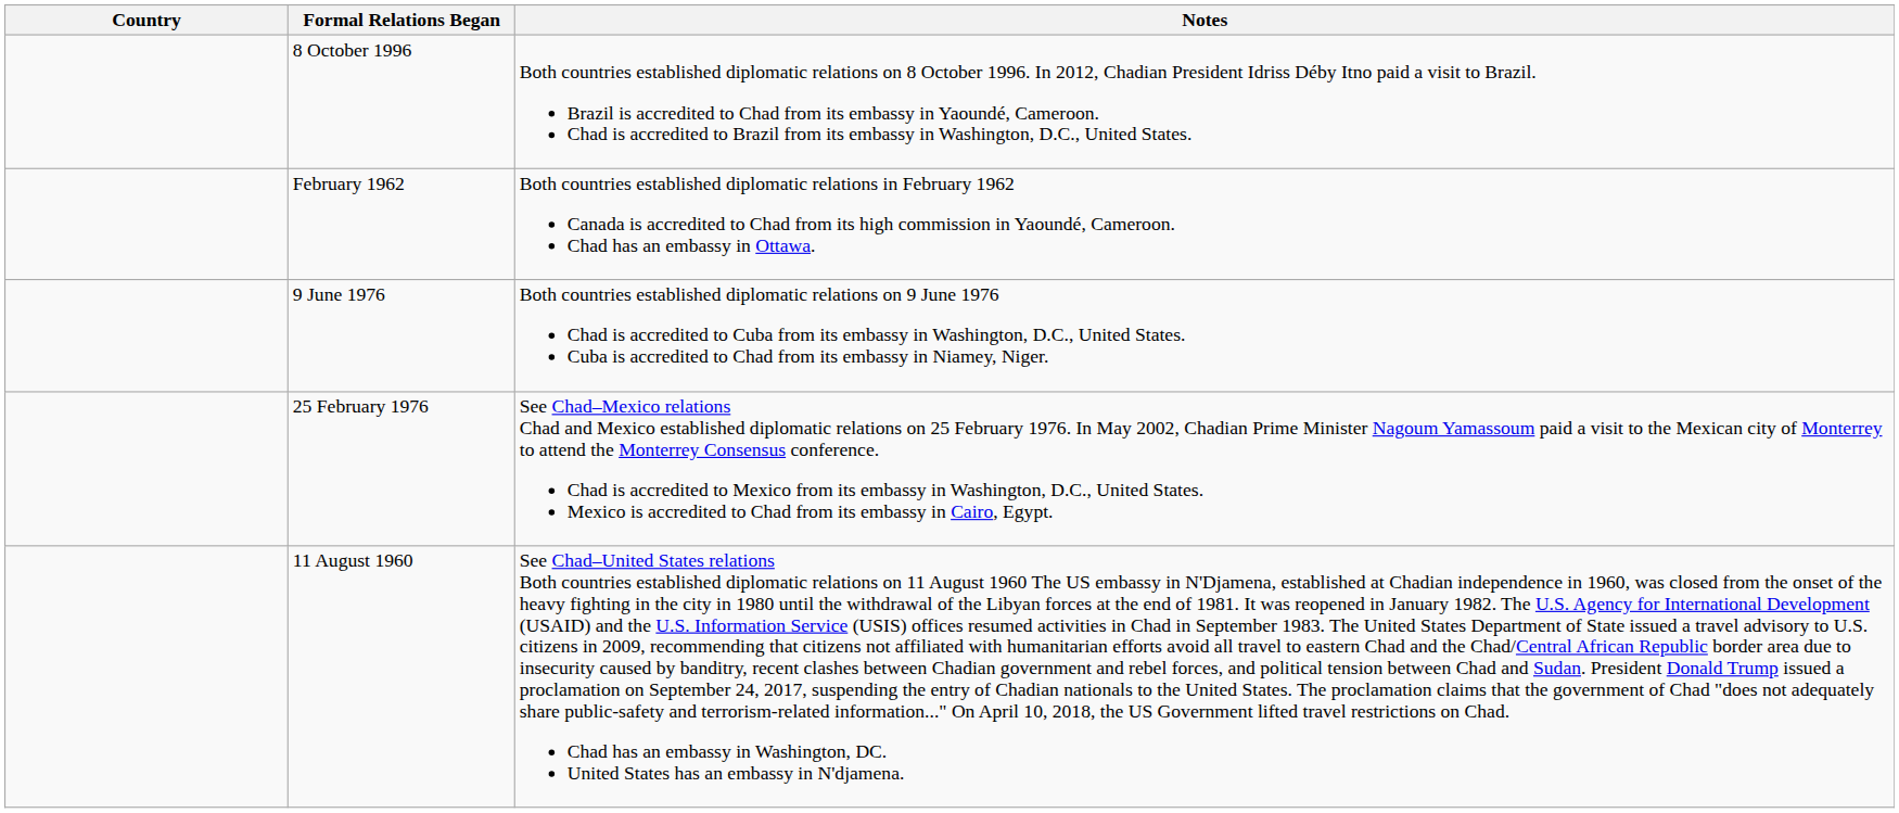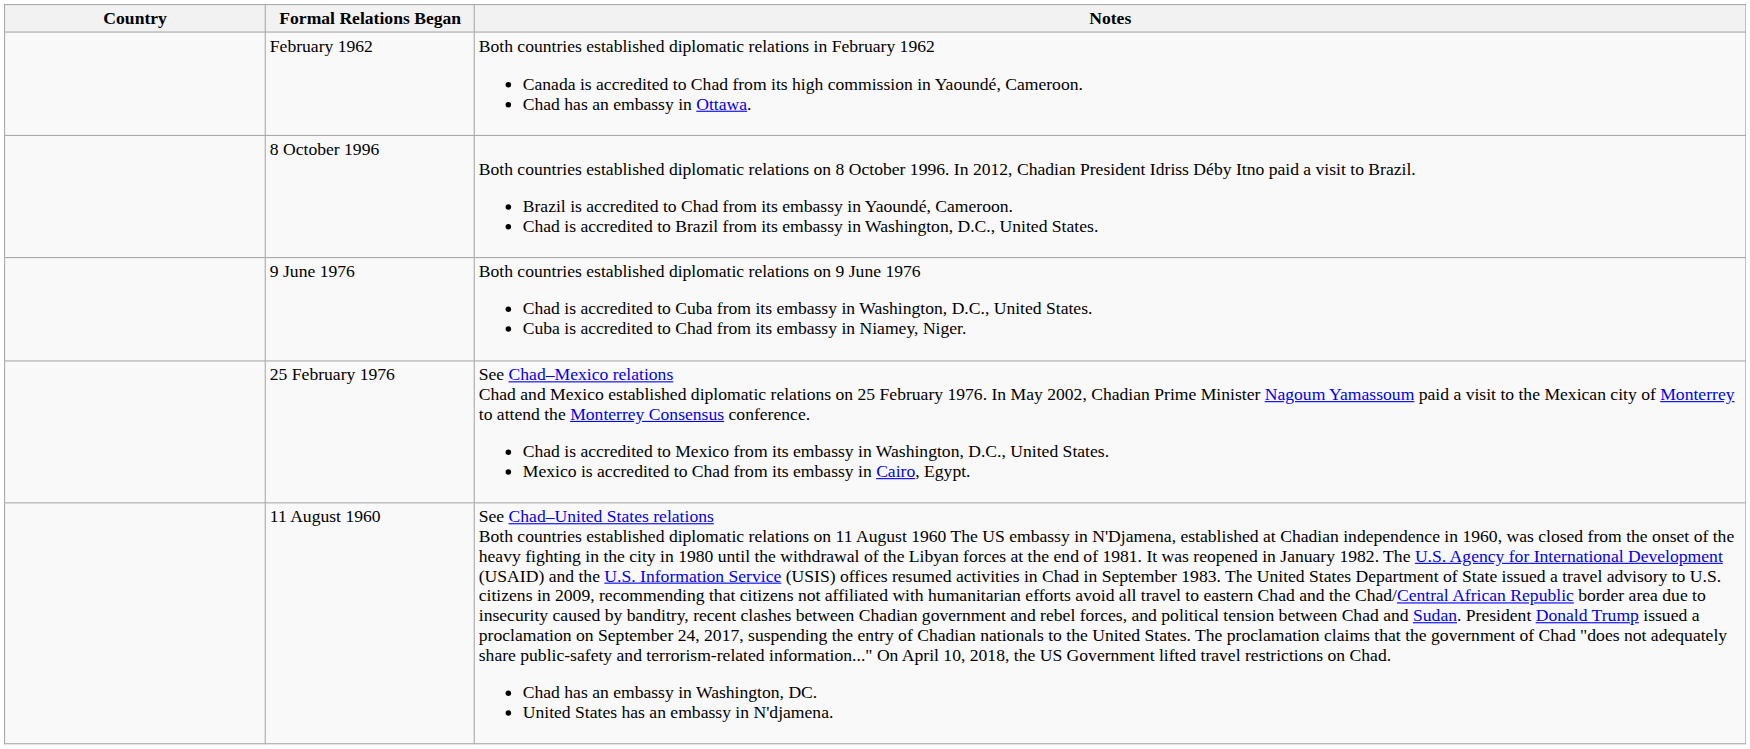 <table class="wikitable sortable" style="width:100%; margin:auto;">
 <tr>
 <th style="width:15%;">Country</th>
 <th style="width:12%;">Formal Relations Began</th>
 <th>Notes</th>
 </tr>
 <tr valign="top">
 <td></td>
-<td>8 October 1996</td>
-<td><br>Both countries established diplomatic relations on 8 October 1996. In 2012, Chadian President Idriss Déby Itno paid a visit to Brazil.<ul><li>Brazil is accredited to Chad from its embassy in Yaoundé, Cameroon.</li><li>Chad is accredited to Brazil from its embassy in Washington, D.C., United States.</li></ul></td>
+<td>February 1962</td>
+<td>Both countries established diplomatic relations in February 1962<br><ul><li>Canada is accredited to Chad from its high commission in Yaoundé, Cameroon.</li><li>Chad has an embassy in <a href='#'>Ottawa</a>.</li></ul></td>
 </tr>
 <tr valign="top">
 <td></td>
-<td>February 1962</td>
-<td>Both countries established diplomatic relations in February 1962<br><ul><li>Canada is accredited to Chad from its high commission in Yaoundé, Cameroon.</li><li>Chad has an embassy in <a href='#'>Ottawa</a>.</li></ul></td>
+<td>8 October 1996</td>
+<td><br>Both countries established diplomatic relations on 8 October 1996. In 2012, Chadian President Idriss Déby Itno paid a visit to Brazil.<ul><li>Brazil is accredited to Chad from its embassy in Yaoundé, Cameroon.</li><li>Chad is accredited to Brazil from its embassy in Washington, D.C., United States.</li></ul></td>
 </tr>
 <tr valign="top">
 <td></td>
 <td>9 June 1976</td>
 <td>Both countries established diplomatic relations on 9 June 1976<br><ul><li>Chad is accredited to Cuba from its embassy in Washington, D.C., United States.</li><li>Cuba is accredited to Chad from its embassy in Niamey, Niger.</li></ul></td>
 </tr>
 <tr valign="top">
 <td></td>
 <td>25 February 1976</td>
 <td>See <a href='#'>Chad–Mexico relations</a><br>Chad and Mexico established diplomatic relations on 25 February 1976. In May 2002, Chadian Prime Minister <a href='#'>Nagoum Yamassoum</a> paid a visit to the Mexican city of <a href='#'>Monterrey</a> to attend the <a href='#'>Monterrey Consensus</a> conference.<ul><li>Chad is accredited to Mexico from its embassy in Washington, D.C., United States.</li><li>Mexico is accredited to Chad from its embassy in <a href='#'>Cairo</a>, Egypt.</li></ul></td>
 </tr>
 <tr valign="top">
 <td></td>
 <td>11 August 1960</td>
 <td>See <a href='#'>Chad–United States relations</a><br>Both countries established diplomatic relations on 11 August 1960  The US embassy in N'Djamena, established at Chadian independence in 1960, was closed from the onset of the heavy fighting in the city in 1980 until the withdrawal of the Libyan forces at the end of 1981. It was reopened in January 1982. The <a href='#'>U.S. Agency for International Development</a> (USAID) and the <a href='#'>U.S. Information Service</a> (USIS) offices resumed activities in Chad in September 1983. The United States Department of State issued a travel advisory to U.S. citizens in 2009, recommending that citizens not affiliated with humanitarian efforts avoid all travel to eastern Chad and the Chad/<a href='#'>Central African Republic</a> border area due to insecurity caused by banditry, recent clashes between Chadian government and rebel forces, and political tension between Chad and <a href='#'>Sudan</a>. President <a href='#'>Donald Trump</a> issued a proclamation on September 24, 2017, suspending the entry of Chadian nationals to the United States. The proclamation claims that the government of Chad "does not adequately share public-safety and terrorism-related information..." On April 10, 2018, the US Government lifted travel restrictions on Chad.<ul><li>Chad has an embassy in Washington, DC.</li><li>United States has an embassy in N'djamena.</li></ul></td>
 </tr>
 </table>
